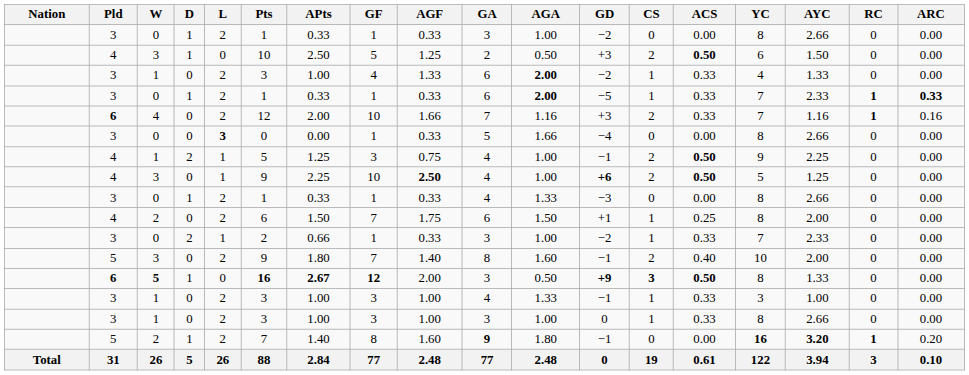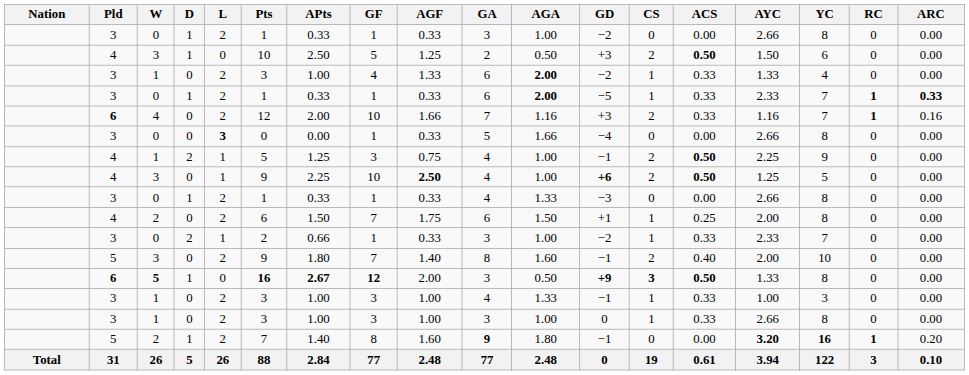 <table class="wikitable sortable" style="text-align:center; width:95%">
 <tr>
 <th>Nation</th>
 <th>Pld</th>
 <th>W</th>
 <th>D</th>
 <th>L</th>
 <th>Pts</th>
 <th>APts</th>
 <th>GF</th>
 <th>AGF</th>
 <th>GA</th>
 <th>AGA</th>
 <th>GD</th>
 <th>CS</th>
 <th>ACS</th>
+<th>AYC</th>
 <th>YC</th>
-<th>AYC</th>
 <th>RC</th>
 <th>ARC</th>
 </tr>
 <tr>
 <td align="left"><em></em></td>
 <td>3</td>
 <td>0</td>
 <td>1</td>
 <td>2</td>
 <td>1</td>
 <td>0.33</td>
 <td>1</td>
 <td>0.33</td>
 <td>3</td>
 <td>1.00</td>
 <td>−2</td>
 <td>0</td>
 <td>0.00</td>
+<td>2.66</td>
 <td>8</td>
-<td>2.66</td>
 <td>0</td>
 <td>0.00</td>
 </tr>
 <tr>
 <td align="left"></td>
 <td>4</td>
 <td>3</td>
 <td>1</td>
 <td>0</td>
 <td>10</td>
 <td>2.50</td>
 <td>5</td>
 <td>1.25</td>
 <td>2</td>
 <td>0.50</td>
 <td>+3</td>
 <td>2</td>
 <td><strong>0.50</strong></td>
+<td>1.50</td>
 <td>6</td>
-<td>1.50</td>
 <td>0</td>
 <td>0.00</td>
 </tr>
 <tr>
 <td align="left"></td>
 <td>3</td>
 <td>1</td>
 <td>0</td>
 <td>2</td>
 <td>3</td>
 <td>1.00</td>
 <td>4</td>
 <td>1.33</td>
 <td>6</td>
 <td><strong>2.00</strong></td>
 <td>−2</td>
 <td>1</td>
 <td>0.33</td>
+<td>1.33</td>
 <td>4</td>
-<td>1.33</td>
 <td>0</td>
 <td>0.00</td>
 </tr>
 <tr>
 <td align="left"></td>
 <td>3</td>
 <td>0</td>
 <td>1</td>
 <td>2</td>
 <td>1</td>
 <td>0.33</td>
 <td>1</td>
 <td>0.33</td>
 <td>6</td>
 <td><strong>2.00</strong></td>
 <td>−5</td>
 <td>1</td>
 <td>0.33</td>
+<td>2.33</td>
 <td>7</td>
-<td>2.33</td>
 <td><strong>1</strong></td>
 <td><strong>0.33</strong></td>
 </tr>
 <tr>
 <td align="left"></td>
 <td><strong>6</strong></td>
 <td>4</td>
 <td>0</td>
 <td>2</td>
 <td>12</td>
 <td>2.00</td>
 <td>10</td>
 <td>1.66</td>
 <td>7</td>
 <td>1.16</td>
 <td>+3</td>
 <td>2</td>
 <td>0.33</td>
+<td>1.16</td>
 <td>7</td>
-<td>1.16</td>
 <td><strong>1</strong></td>
 <td>0.16</td>
 </tr>
 <tr>
 <td align="left"></td>
 <td>3</td>
 <td>0</td>
 <td>0</td>
 <td><strong>3</strong></td>
 <td>0</td>
 <td>0.00</td>
 <td>1</td>
 <td>0.33</td>
 <td>5</td>
 <td>1.66</td>
 <td>−4</td>
 <td>0</td>
 <td>0.00</td>
+<td>2.66</td>
 <td>8</td>
-<td>2.66</td>
 <td>0</td>
 <td>0.00</td>
 </tr>
 <tr>
 <td align="left"></td>
 <td>4</td>
 <td>1</td>
 <td>2</td>
 <td>1</td>
 <td>5</td>
 <td>1.25</td>
 <td>3</td>
 <td>0.75</td>
 <td>4</td>
 <td>1.00</td>
 <td>−1</td>
 <td>2</td>
 <td><strong>0.50</strong></td>
+<td>2.25</td>
 <td>9</td>
-<td>2.25</td>
 <td>0</td>
 <td>0.00</td>
 </tr>
 <tr>
 <td align="left"></td>
 <td>4</td>
 <td>3</td>
 <td>0</td>
 <td>1</td>
 <td>9</td>
 <td>2.25</td>
 <td>10</td>
 <td><strong>2.50</strong></td>
 <td>4</td>
 <td>1.00</td>
 <td><strong>+6</strong></td>
 <td>2</td>
 <td><strong>0.50</strong></td>
+<td>1.25</td>
 <td>5</td>
-<td>1.25</td>
 <td>0</td>
 <td>0.00</td>
 </tr>
 <tr>
 <td align="left"></td>
 <td>3</td>
 <td>0</td>
 <td>1</td>
 <td>2</td>
 <td>1</td>
 <td>0.33</td>
 <td>1</td>
 <td>0.33</td>
 <td>4</td>
 <td>1.33</td>
 <td>−3</td>
 <td>0</td>
 <td>0.00</td>
+<td>2.66</td>
 <td>8</td>
-<td>2.66</td>
 <td>0</td>
 <td>0.00</td>
 </tr>
 <tr>
 <td align="left"></td>
 <td>4</td>
 <td>2</td>
 <td>0</td>
 <td>2</td>
 <td>6</td>
 <td>1.50</td>
 <td>7</td>
 <td>1.75</td>
 <td>6</td>
 <td>1.50</td>
 <td>+1</td>
 <td>1</td>
 <td>0.25</td>
+<td>2.00</td>
 <td>8</td>
-<td>2.00</td>
 <td>0</td>
 <td>0.00</td>
 </tr>
 <tr>
 <td align="left"></td>
 <td>3</td>
 <td>0</td>
 <td>2</td>
 <td>1</td>
 <td>2</td>
 <td>0.66</td>
 <td>1</td>
 <td>0.33</td>
 <td>3</td>
 <td>1.00</td>
 <td>−2</td>
 <td>1</td>
 <td>0.33</td>
+<td>2.33</td>
 <td>7</td>
-<td>2.33</td>
 <td>0</td>
 <td>0.00</td>
 </tr>
 <tr>
 <td align="left"></td>
 <td>5</td>
 <td>3</td>
 <td>0</td>
 <td>2</td>
 <td>9</td>
 <td>1.80</td>
 <td>7</td>
 <td>1.40</td>
 <td>8</td>
 <td>1.60</td>
 <td>−1</td>
 <td>2</td>
 <td>0.40</td>
+<td>2.00</td>
 <td>10</td>
-<td>2.00</td>
 <td>0</td>
 <td>0.00</td>
 </tr>
 <tr>
 <td align="left"></td>
 <td><strong>6</strong></td>
 <td><strong>5</strong></td>
 <td>1</td>
 <td>0</td>
 <td><strong>16</strong></td>
 <td><strong>2.67</strong></td>
 <td><strong>12</strong></td>
 <td>2.00</td>
 <td>3</td>
 <td>0.50</td>
 <td><strong>+9</strong></td>
 <td><strong>3</strong></td>
 <td><strong>0.50</strong></td>
+<td>1.33</td>
 <td>8</td>
-<td>1.33</td>
 <td>0</td>
 <td>0.00</td>
 </tr>
 <tr>
 <td align="left"></td>
 <td>3</td>
 <td>1</td>
 <td>0</td>
 <td>2</td>
 <td>3</td>
 <td>1.00</td>
 <td>3</td>
 <td>1.00</td>
 <td>4</td>
 <td>1.33</td>
 <td>−1</td>
 <td>1</td>
 <td>0.33</td>
+<td>1.00</td>
 <td>3</td>
-<td>1.00</td>
 <td>0</td>
 <td>0.00</td>
 </tr>
 <tr>
 <td align="left"><em></em></td>
 <td>3</td>
 <td>1</td>
 <td>0</td>
 <td>2</td>
 <td>3</td>
 <td>1.00</td>
 <td>3</td>
 <td>1.00</td>
 <td>3</td>
 <td>1.00</td>
 <td>0</td>
 <td>1</td>
 <td>0.33</td>
+<td>2.66</td>
 <td>8</td>
-<td>2.66</td>
 <td>0</td>
 <td>0.00</td>
 </tr>
 <tr>
 <td align="left"></td>
 <td>5</td>
 <td>2</td>
 <td>1</td>
 <td>2</td>
 <td>7</td>
 <td>1.40</td>
 <td>8</td>
 <td>1.60</td>
 <td><strong>9</strong></td>
 <td>1.80</td>
 <td>−1</td>
 <td>0</td>
 <td>0.00</td>
+<td><strong>3.20</strong></td>
 <td><strong>16</strong></td>
-<td><strong>3.20</strong></td>
 <td><strong>1</strong></td>
 <td>0.20</td>
 </tr>
 <tr>
 <th align="left"><strong>Total</strong></th>
 <th>31</th>
 <th>26</th>
 <th>5</th>
 <th>26</th>
 <th>88</th>
 <th>2.84</th>
 <th>77</th>
 <th>2.48</th>
 <th>77</th>
 <th>2.48</th>
 <th>0</th>
 <th>19</th>
 <th>0.61</th>
+<th>3.94</th>
 <th>122</th>
-<th>3.94</th>
 <th>3</th>
 <th>0.10</th>
 </tr>
 </table>
